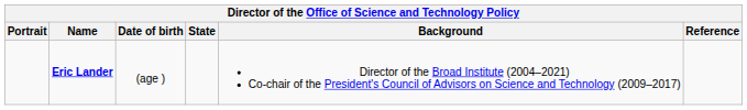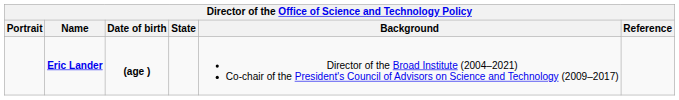 <table class="wikitable collapsible" style="text-align:center;">
 <tr>
 <th colspan="6">Director of the <a href='#'>Office of Science and Technology Policy</a></th>
 </tr>
 <tr>
 <th>Portrait</th>
 <th>Name</th>
 <th>Date of birth</th>
 <th>State</th>
 <th>Background</th>
 <th>Reference</th>
 </tr>
 <tr>
 <td></td>
 <td><strong><a href='#'>Eric Lander</a></strong></td>
-<td><br>(age )</td>
+<td><strong><br>(age )</strong></td>
 <td></td>
 <td><br><ul><li>Director of the <a href='#'>Broad Institute</a> (2004–2021)</li><li>Co-chair of the <a href='#'>President's Council of Advisors on Science and Technology</a> (2009–2017)</li></ul></td>
 <td></td>
 </tr>
 </table>
